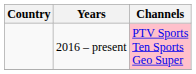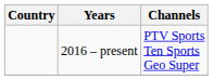 <table class="wikitable">
 <tr>
 <th>Country</th>
 <th>Years</th>
 <th>Channels</th>
 </tr>
 <tr>
 <td></td>
 <td>2016 – present</td>
-<td style="background: pink;"><a href='#'>PTV Sports</a> <br><a href='#'>Ten Sports</a> <br><a href='#'>Geo Super</a></td>
+<td><a href='#'>PTV Sports</a> <br><a href='#'>Ten Sports</a> <br><a href='#'>Geo Super</a></td>
 </tr>
 <tr>
 </tr>
 </table>
